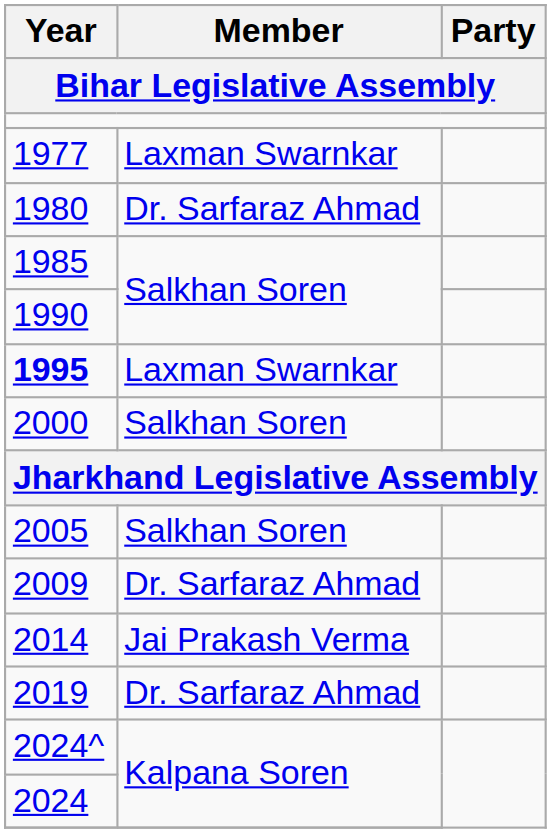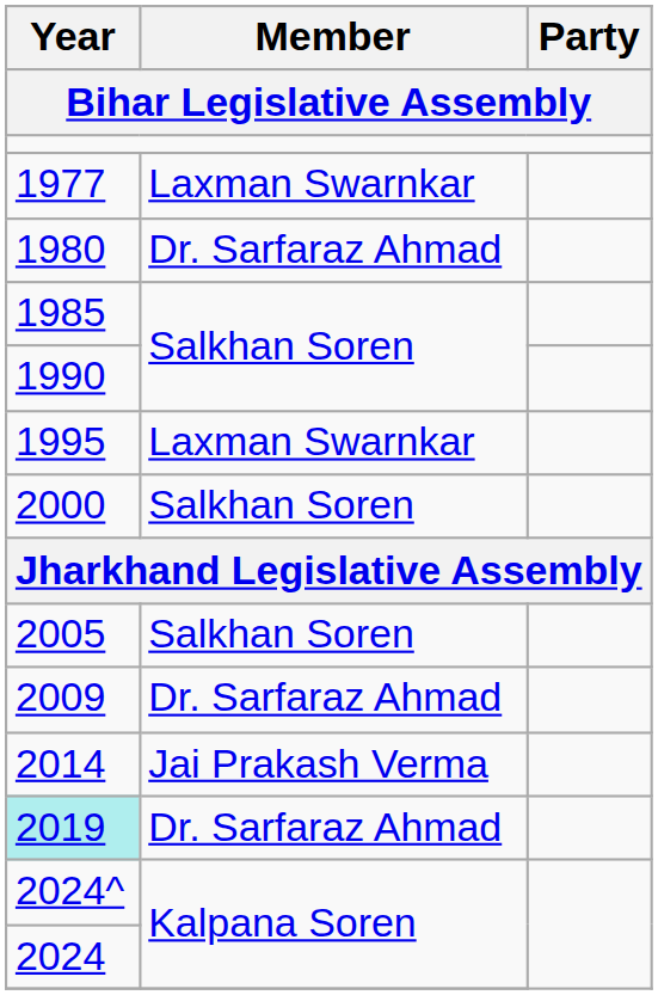 <table class="wikitable sortable">
 <tr>
 <th>Year</th>
 <th>Member</th>
 <th colspan=2>Party</th>
 </tr>
 <tr>
 <th colspan=4><a href='#'>Bihar Legislative Assembly</a></th>
 </tr>
 <tr>
 <td colspan="4"></td>
 </tr>
 <tr>
 <td><a href='#'>1977</a></td>
 <td><a href='#'>Laxman Swarnkar</a></td>
 <td></td>
 </tr>
 <tr>
 <td><a href='#'>1980</a></td>
 <td><a href='#'>Dr. Sarfaraz Ahmad</a></td>
 <td></td>
 </tr>
 <tr>
 <td><a href='#'>1985</a></td>
 <td rowspan="2"><a href='#'>Salkhan Soren</a></td>
 <td></td>
 </tr>
 <tr>
 <td><a href='#'>1990</a></td>
 </tr>
 <tr>
-<td><strong><a href='#'>1995</a></strong></td>
+<td><a href='#'>1995</a></td>
 <td><a href='#'>Laxman Swarnkar</a></td>
 <td></td>
 </tr>
 <tr>
 <td><a href='#'>2000</a></td>
 <td><a href='#'>Salkhan Soren</a></td>
 <td></td>
 </tr>
 <tr>
 <th colspan=4><a href='#'>Jharkhand Legislative Assembly</a></th>
 </tr>
 <tr>
 <td><a href='#'>2005</a></td>
 <td><a href='#'>Salkhan Soren</a></td>
 <td></td>
 </tr>
 <tr>
 <td><a href='#'>2009</a></td>
 <td><a href='#'>Dr. Sarfaraz Ahmad</a></td>
 <td></td>
 </tr>
 <tr>
 <td><a href='#'>2014</a></td>
 <td><a href='#'>Jai Prakash Verma</a></td>
 <td></td>
 </tr>
 <tr>
-<td><a href='#'>2019</a></td>
+<td style="background: paleturquoise;"><a href='#'>2019</a></td>
 <td><a href='#'>Dr. Sarfaraz Ahmad</a></td>
 <td></td>
 </tr>
 <tr>
 <td><a href='#'>2024^</a></td>
 <td rowspan=2><a href='#'>Kalpana Soren</a></td>
 </tr>
 <tr>
 <td><a href='#'>2024</a></td>
 </tr>
 <tr>
 </tr>
 </table>
